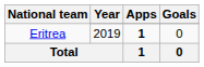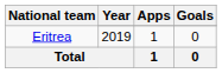 <table class="wikitable" style="text-align:center">
 <tr>
 <th>National team</th>
 <th>Year</th>
 <th>Apps</th>
 <th>Goals</th>
 </tr>
 <tr>
 <td rowspan=2><a href='#'>Eritrea</a></td>
 </tr>
 <tr>
 <td>2019</td>
-<td><strong>1</strong></td>
+<td>1</td>
 <td>0</td>
 </tr>
 <tr>
 <th colspan="2">Total</th>
 <th>1</th>
 <th>0</th>
 </tr>
 </table>
